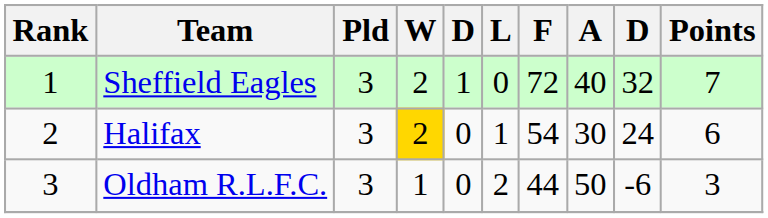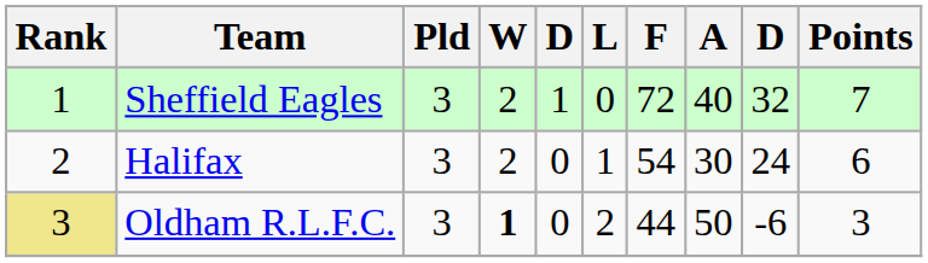 <table class="wikitable" style="text-align: center;">
 <tr>
 <th>Rank</th>
 <th>Team</th>
 <th>Pld</th>
 <th>W</th>
 <th>D</th>
 <th>L</th>
 <th>F</th>
 <th>A</th>
 <th>D</th>
 <th>Points</th>
 </tr>
 <tr bgcolor="#ccffcc">
 <td rowspan="1">1</td>
 <td align="left"><a href='#'>Sheffield Eagles</a></td>
 <td rowspan="1!">3</td>
 <td rowspan="1">2</td>
 <td rowspan="1">1</td>
 <td rowspan="1">0</td>
 <td rowspan="1">72</td>
 <td rowspan="1">40</td>
 <td rowspan="1">32</td>
 <td rowspan="1!">7</td>
 </tr>
 <tr>
 <td rowspan="1">2</td>
 <td align="left"><a href='#'>Halifax</a></td>
 <td rowspan="1">3</td>
-<td rowspan="1" style="background: gold;">2</td>
+<td rowspan="1">2</td>
 <td rowspan="1">0</td>
 <td rowspan="1">1</td>
 <td rowspan="1">54</td>
 <td rowspan="1">30</td>
 <td rowspan="1">24</td>
 <td rowspan="1!">6</td>
 </tr>
 <tr>
-<td rowspan="1">3</td>
+<td rowspan="1" style="background: khaki;">3</td>
 <td align="left"><a href='#'>Oldham R.L.F.C.</a></td>
 <td rowspan="1">3</td>
-<td rowspan="1">1</td>
+<td rowspan="1"><strong>1</strong></td>
 <td rowspan="1">0</td>
 <td rowspan="1">2</td>
 <td rowspan="1">44</td>
 <td rowspan="1">50</td>
 <td rowspan="1">-6</td>
 <td rowspan="1!">3</td>
 </tr>
 <tr>
 </tr>
 </table>
